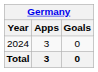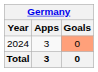 <table class="wikitable" style="text-align:center">
 <tr>
 <th colspan=3><a href='#'>Germany</a></th>
 </tr>
 <tr>
 <th>Year</th>
 <th>Apps</th>
 <th>Goals</th>
 </tr>
 <tr>
 <td>2024</td>
 <td>3</td>
-<td>0</td>
+<td style="background: lightsalmon;">0</td>
 </tr>
 <tr>
 <th>Total</th>
 <th>3</th>
 <th>0</th>
 </tr>
 </table>
